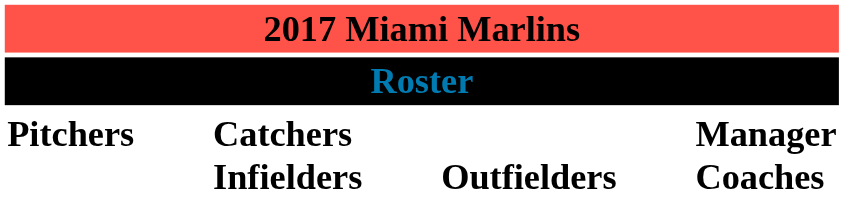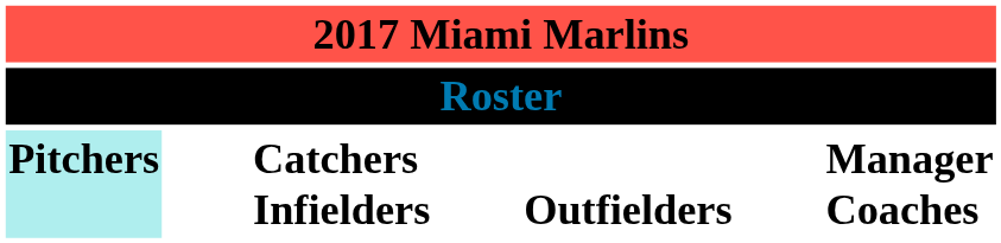 <table class="toccolours" style="font-size:95%;">
 <tr>
 <th colspan="10" style="background-color:#FF5349;color:black;">2017 Miami Marlins</th>
 </tr>
 <tr>
 <th colspan="10" style="background-color:black;color:#007BB2;">Roster</th>
 </tr>
 <tr>
-<td valign="top"><strong>Pitchers</strong><br>                       </td>
+<td valign="top" style="background: paleturquoise;"><strong>Pitchers</strong><br>                       </td>
 <td style="width:25px;"></td>
 <td valign="top"><strong>Catchers</strong><br>  <strong>Infielders</strong>             </td>
 <td style="width:25px;"></td>
 <td valign="top"><br><strong>Outfielders</strong>    </td>
 <td style="width:25px;"></td>
 <td valign="top"><strong>Manager</strong><br> <strong>Coaches</strong>                      </td>
 </tr>
 </table>
